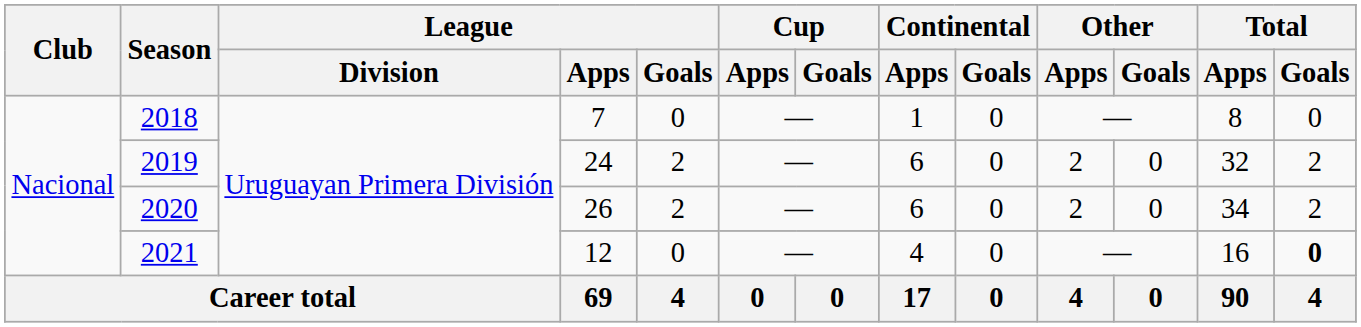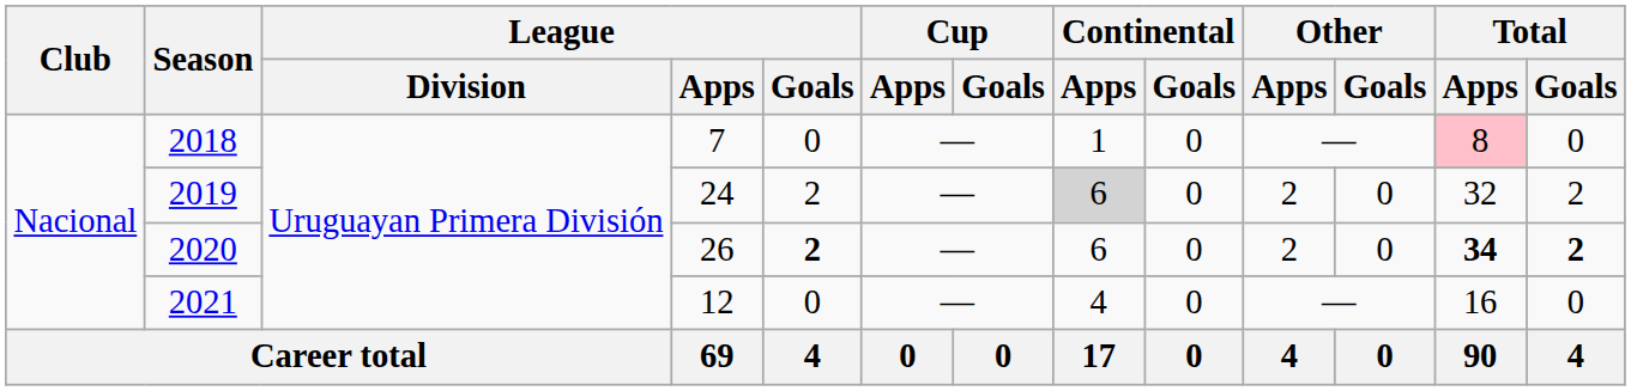 <table class="wikitable" Style="text-align: center">
 <tr>
 <th rowspan="2">Club</th>
 <th rowspan="2">Season</th>
 <th colspan="3">League</th>
 <th colspan="2">Cup</th>
 <th colspan="2">Continental</th>
 <th colspan="2">Other</th>
 <th colspan="2">Total</th>
 </tr>
 <tr>
 <th>Division</th>
 <th>Apps</th>
 <th>Goals</th>
 <th>Apps</th>
 <th>Goals</th>
 <th>Apps</th>
 <th>Goals</th>
 <th>Apps</th>
 <th>Goals</th>
 <th>Apps</th>
 <th>Goals</th>
 </tr>
 <tr>
 <td rowspan="4"><a href='#'>Nacional</a></td>
 <td><a href='#'>2018</a></td>
 <td rowspan="4"><a href='#'>Uruguayan Primera División</a></td>
 <td>7</td>
 <td>0</td>
 <td colspan="2">—</td>
 <td>1</td>
 <td>0</td>
 <td colspan="2">—</td>
-<td>8</td>
+<td style="background: pink;">8</td>
 <td>0</td>
 </tr>
 <tr>
 <td><a href='#'>2019</a></td>
 <td>24</td>
 <td>2</td>
 <td colspan="2">—</td>
-<td>6</td>
+<td style="background: lightgrey;">6</td>
 <td>0</td>
 <td>2</td>
 <td>0</td>
 <td>32</td>
 <td>2</td>
 </tr>
 <tr>
 <td><a href='#'>2020</a></td>
 <td>26</td>
-<td>2</td>
+<td><strong>2</strong></td>
 <td colspan="2">—</td>
 <td>6</td>
 <td>0</td>
 <td>2</td>
 <td>0</td>
-<td>34</td>
-<td>2</td>
+<td><strong>34</strong></td>
+<td><strong>2</strong></td>
 </tr>
 <tr>
 <td><a href='#'>2021</a></td>
 <td>12</td>
 <td>0</td>
 <td colspan="2">—</td>
 <td>4</td>
 <td>0</td>
 <td colspan="2">—</td>
 <td>16</td>
-<td><strong>0</strong></td>
+<td>0</td>
 </tr>
 <tr>
 <th colspan="3">Career total</th>
 <th>69</th>
 <th>4</th>
 <th>0</th>
 <th>0</th>
 <th>17</th>
 <th>0</th>
 <th>4</th>
 <th>0</th>
 <th>90</th>
 <th>4</th>
 </tr>
 </table>
